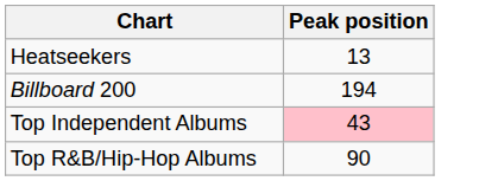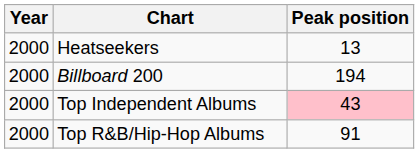 <table class="wikitable">
 <tr>
+<th>Year</th>
 <th width="200">Chart</th>
 <th>Peak position</th>
 </tr>
 <tr>
+<td>2000</td>
 <td>Heatseekers</td>
 <td align="center">13</td>
 </tr>
 <tr>
+<td>2000</td>
 <td><em>Billboard</em> 200</td>
 <td align="center">194</td>
 </tr>
 <tr>
+<td>2000</td>
 <td>Top Independent Albums</td>
 <td align="center" style="background: pink;">43</td>
 </tr>
 <tr>
+<td>2000</td>
 <td>Top R&B/Hip-Hop Albums</td>
-<td align="center">90</td>
+<td align="center">91</td>
 </tr>
 </table>
